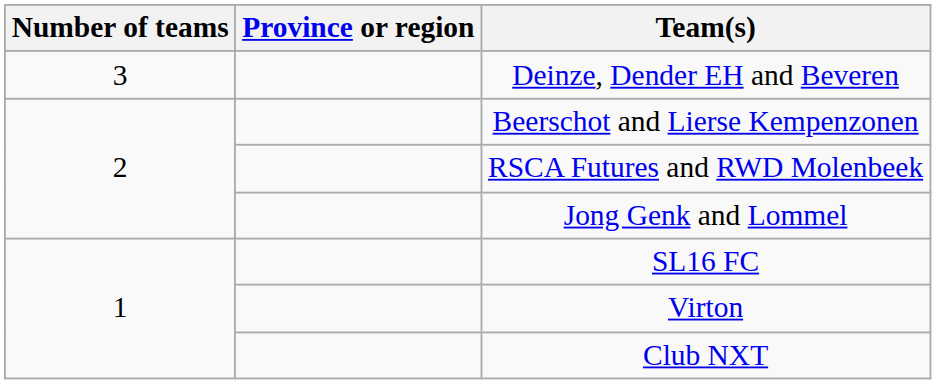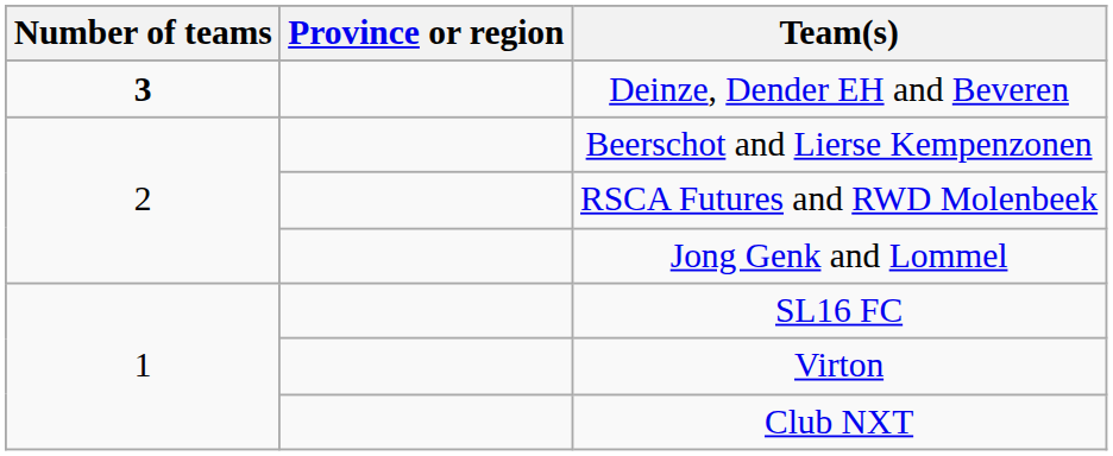 <table class="wikitable" style="text-align:center">
 <tr>
 <th>Number of teams</th>
 <th><a href='#'>Province</a> or region</th>
 <th>Team(s)</th>
 </tr>
 <tr>
-<td rowspan=1>3</td>
+<td rowspan=1><strong>3</strong></td>
 <td align="left"></td>
 <td><a href='#'>Deinze</a>, <a href='#'>Dender EH</a> and <a href='#'>Beveren</a></td>
 </tr>
 <tr>
 <td rowspan=3>2</td>
 <td align="left"></td>
 <td><a href='#'>Beerschot</a> and <a href='#'>Lierse Kempenzonen</a></td>
 </tr>
 <tr>
 <td align="left"></td>
 <td><a href='#'>RSCA Futures</a> and <a href='#'>RWD Molenbeek</a></td>
 </tr>
 <tr>
 <td align="left"></td>
 <td><a href='#'>Jong Genk</a> and <a href='#'>Lommel</a></td>
 </tr>
 <tr>
 <td rowspan=3>1</td>
 <td align="left"></td>
 <td><a href='#'>SL16 FC</a></td>
 </tr>
 <tr>
 <td align="left"></td>
 <td><a href='#'>Virton</a></td>
 </tr>
 <tr>
 <td align="left"></td>
 <td><a href='#'>Club NXT</a></td>
 </tr>
 </table>
